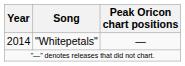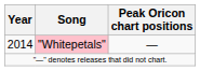 <table class="wikitable" border="1">
 <tr>
 <th rowspan="1">Year</th>
 <th rowspan="1">Song</th>
 <th colspan="1">Peak Oricon<br> chart positions</th>
 </tr>
 <tr>
 <td>2014</td>
-<td align="left">"Whitepetals"</td>
+<td align="left" style="background: pink;">"Whitepetals"</td>
 <td align="center">—</td>
 </tr>
 <tr>
 <td align="center" colspan="13" style="font-size: 8pt">"—" denotes releases that did not chart.</td>
 </tr>
 </table>
